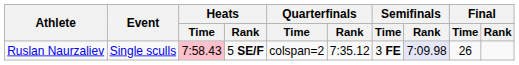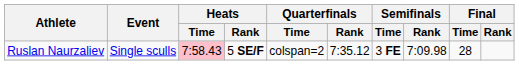 <table class="wikitable" style="font-size:90%">
 <tr>
 <th rowspan="2">Athlete</th>
 <th rowspan="2">Event</th>
 <th colspan="2">Heats</th>
 <th colspan="2">Quarterfinals</th>
 <th colspan="2">Semifinals</th>
 <th colspan="2">Final</th>
 </tr>
 <tr style="font-size:95%">
 <th>Time</th>
 <th>Rank</th>
 <th>Time</th>
 <th>Rank</th>
 <th>Time</th>
 <th>Rank</th>
 <th>Time</th>
 <th>Rank</th>
 </tr>
 <tr align=center>
 <td align=left><a href='#'>Ruslan Naurzaliev</a></td>
 <td align=left><a href='#'>Single sculls</a></td>
 <td style="background: pink;">7:58.43</td>
 <td>5 <strong>SE/F</strong></td>
 <td>colspan=2 </td>
 <td>7:35.12</td>
 <td>3 <strong>FE</strong></td>
-<td style="background: lavender;">7:09.98</td>
-<td>26</td>
+<td>7:09.98</td>
+<td>28</td>
 </tr>
 </table>
